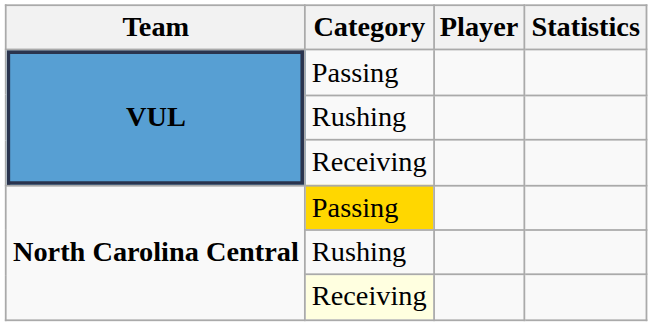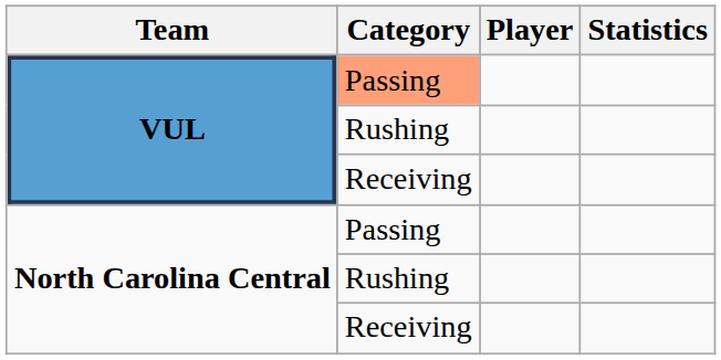 <table class="wikitable" style="float: right;">
 <tr>
 <th>Team</th>
 <th>Category</th>
 <th>Player</th>
 <th>Statistics</th>
 </tr>
 <tr>
 <td rowspan=3 style="background-color:#579FD3;color:#000000;box-shadow: inset 2px 2px 0 #2A344E, inset -2px -2px 0 #2A344E; text-align:center;"><strong>VUL</strong></td>
-<td>Passing</td>
+<td style="background: lightsalmon;">Passing</td>
 <td></td>
 <td></td>
 </tr>
 <tr>
 <td>Rushing</td>
 <td></td>
 <td></td>
 </tr>
 <tr>
 <td>Receiving</td>
 <td></td>
 <td></td>
 </tr>
 <tr>
 <td rowspan=3><strong>North Carolina Central</strong></td>
-<td style="background: gold;">Passing</td>
+<td>Passing</td>
 <td></td>
 <td></td>
 </tr>
 <tr>
 <td>Rushing</td>
 <td></td>
 <td></td>
 </tr>
 <tr>
-<td style="background: lightyellow;">Receiving</td>
+<td>Receiving</td>
 <td></td>
 <td></td>
 </tr>
 </table>
